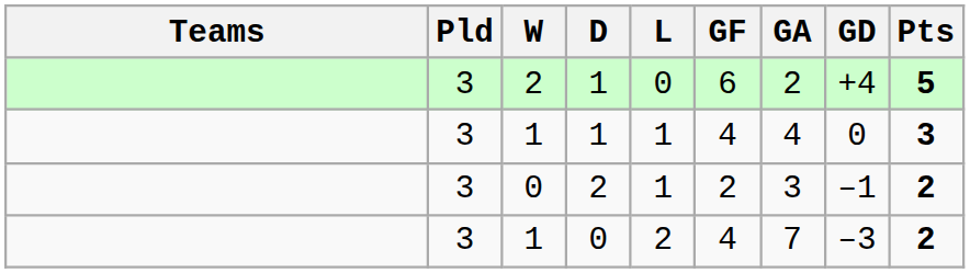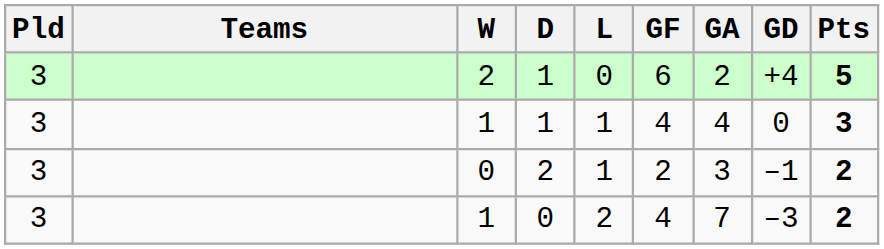 <table class="wikitable" style="text-align: center;">
 <tr>
+<th width=20>Pld</th>
 <th width=165>Teams</th>
-<th width=20>Pld</th>
 <th width=20>W</th>
 <th width=20>D</th>
 <th width=20>L</th>
 <th width=20>GF</th>
 <th width=20>GA</th>
 <th width=20>GD</th>
 <th width=20>Pts</th>
 </tr>
 <tr align=center style="background:#ccffcc;">
+<td>3</td>
 <td style="text-align:left;"></td>
-<td>3</td>
 <td>2</td>
 <td>1</td>
 <td>0</td>
 <td>6</td>
 <td>2</td>
 <td>+4</td>
 <td><strong>5</strong></td>
 </tr>
 <tr>
+<td>3</td>
 <td style="text-align:left;"></td>
-<td>3</td>
 <td>1</td>
 <td>1</td>
 <td>1</td>
 <td>4</td>
 <td>4</td>
 <td>0</td>
 <td><strong>3</strong></td>
 </tr>
 <tr align=center>
+<td>3</td>
 <td style="text-align:left;"></td>
-<td>3</td>
 <td>0</td>
 <td>2</td>
 <td>1</td>
 <td>2</td>
 <td>3</td>
 <td>–1</td>
 <td><strong>2</strong></td>
 </tr>
 <tr align=center>
+<td>3</td>
 <td style="text-align:left;"></td>
-<td>3</td>
 <td>1</td>
 <td>0</td>
 <td>2</td>
 <td>4</td>
 <td>7</td>
 <td>–3</td>
 <td><strong>2</strong></td>
 </tr>
 </table>
